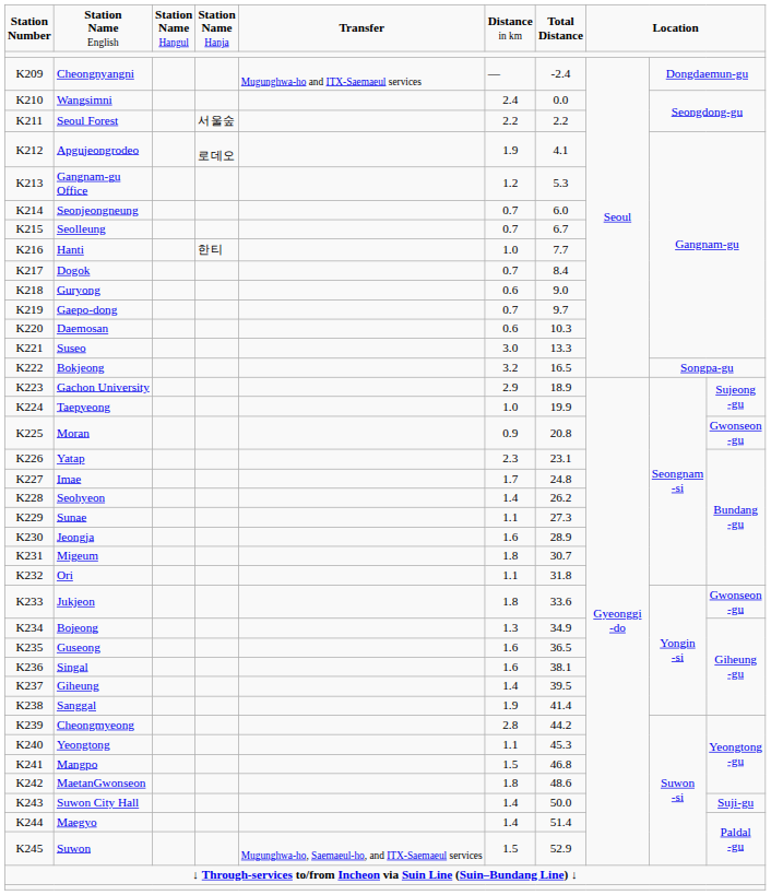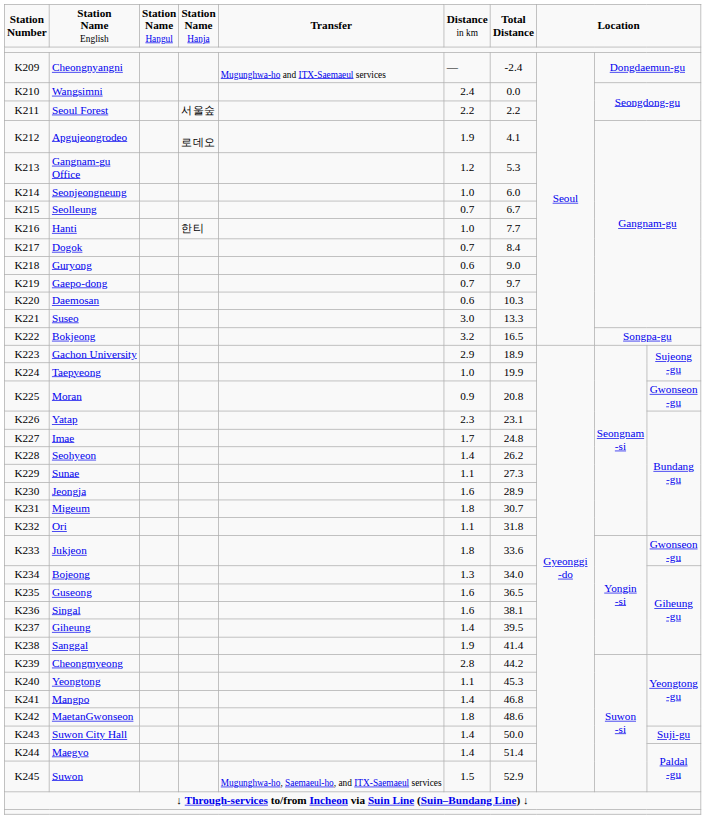 <table class="wikitable">
 <tr>
 <td align=center><strong>Station<br>Number</strong></td>
 <td align=center><strong>Station <br>Name</strong><br><small>English</small></td>
 <td align=center><strong>Station <br>Name</strong><br><small><a href='#'>Hangul</a></small></td>
 <td align=center><strong>Station <br>Name</strong><br><small><a href='#'>Hanja</a></small></td>
 <td align=center><strong>Transfer</strong></td>
 <td align=center><strong>Distance</strong><br><small>in km</small></td>
 <td align=center><strong>Total<br>Distance</strong></td>
 <td colspan = "3" align=center><strong>Location</strong></td>
 </tr>
 <tr style="background:#">
 <td colspan = "10"></td>
 </tr>
 <tr>
 <td align=center>K209</td>
 <td><a href='#'>Cheongnyangni</a></td>
 <td></td>
 <td></td>
 <td>  <br> <small><a href='#'>Mugunghwa-ho</a> and <a href='#'>ITX-Saemaeul</a> services</small><br></td>
 <td>—</td>
 <td align=center>-2.4</td>
 <td rowspan = 14 width = "75pt" align=center><a href='#'>Seoul</a></td>
 <td colspan=2 style="text-align:center;"><a href='#'>Dongdaemun-gu</a></td>
 </tr>
 <tr>
 <td align=center>K210</td>
 <td><a href='#'>Wangsimni</a></td>
 <td></td>
 <td></td>
 <td>  </td>
 <td align=center>2.4</td>
 <td align=center>0.0</td>
 <td rowspan = "2" colspan="2" align=center><a href='#'>Seongdong-gu</a></td>
 </tr>
 <tr>
 <td align=center>K211</td>
 <td><a href='#'>Seoul Forest</a></td>
 <td></td>
 <td>서울숲</td>
 <td></td>
 <td align=center>2.2</td>
 <td align=center>2.2</td>
 </tr>
 <tr>
 <td align=center>K212</td>
 <td><a href='#'>Apgujeongrodeo</a></td>
 <td></td>
 <td><br>로데오</td>
 <td></td>
 <td align=center>1.9</td>
 <td align=center>4.1</td>
 <td rowspan = "10" colspan="2" align=center><a href='#'>Gangnam-gu</a></td>
 </tr>
 <tr>
 <td align=center>K213</td>
 <td><a href='#'>Gangnam-gu<br> Office</a></td>
 <td></td>
 <td></td>
 <td></td>
 <td align=center>1.2</td>
 <td align=center>5.3</td>
 </tr>
 <tr>
 <td align=center>K214</td>
 <td><a href='#'>Seonjeongneung</a></td>
 <td></td>
 <td></td>
 <td></td>
-<td align=center>0.7</td>
+<td align=center>1.0</td>
 <td align=center>6.0</td>
 </tr>
 <tr>
 <td align=center>K215</td>
 <td><a href='#'>Seolleung</a></td>
 <td></td>
 <td></td>
 <td></td>
 <td align=center>0.7</td>
 <td align=center>6.7</td>
 </tr>
 <tr>
 <td align=center>K216</td>
 <td><a href='#'>Hanti</a></td>
 <td></td>
 <td>한티</td>
 <td></td>
 <td align=center>1.0</td>
 <td align=center>7.7</td>
 </tr>
 <tr>
 <td align=center>K217</td>
 <td><a href='#'>Dogok</a></td>
 <td></td>
 <td></td>
 <td></td>
 <td align=center>0.7</td>
 <td align=center>8.4</td>
 </tr>
 <tr>
 <td align=center>K218</td>
 <td><a href='#'>Guryong</a></td>
 <td></td>
 <td></td>
 <td></td>
 <td align=center>0.6</td>
 <td align=center>9.0</td>
 </tr>
 <tr>
 <td align=center>K219</td>
 <td><a href='#'>Gaepo-dong</a></td>
 <td></td>
 <td></td>
 <td></td>
 <td align=center>0.7</td>
 <td align=center>9.7</td>
 </tr>
 <tr>
 <td align=center>K220</td>
 <td><a href='#'>Daemosan</a></td>
 <td></td>
 <td></td>
 <td></td>
 <td align=center>0.6</td>
 <td align=center>10.3</td>
 </tr>
 <tr>
 <td align=center>K221</td>
 <td><a href='#'>Suseo</a></td>
 <td></td>
 <td></td>
 <td><br></td>
 <td align=center>3.0</td>
 <td align=center>13.3</td>
 </tr>
 <tr>
 <td align=center>K222</td>
 <td><a href='#'>Bokjeong</a></td>
 <td></td>
 <td></td>
 <td></td>
 <td align=center>3.2</td>
 <td align=center>16.5</td>
 <td colspan="2" style="text-align:center;"><a href='#'>Songpa-gu</a></td>
 </tr>
 <tr>
 <td align=center>K223</td>
 <td><a href='#'>Gachon University</a></td>
 <td></td>
 <td></td>
 <td></td>
 <td align=center>2.9</td>
 <td align=center>18.9</td>
 <td rowspan = "23" align=center><a href='#'>Gyeonggi<br>-do</a></td>
 <td rowspan = "10" align=center><a href='#'>Seongnam<br>-si</a></td>
 <td rowspan = "2" align=center><a href='#'>Sujeong<br>-gu</a></td>
 </tr>
 <tr>
 <td align=center>K224</td>
 <td><a href='#'>Taepyeong</a></td>
 <td></td>
 <td></td>
 <td></td>
 <td align=center>1.0</td>
 <td align=center>19.9</td>
 </tr>
 <tr>
 <td align=center>K225</td>
 <td><a href='#'>Moran</a></td>
 <td></td>
 <td></td>
 <td></td>
 <td align=center>0.9</td>
 <td align=center>20.8</td>
 <td align=center><a href='#'>Gwonseon<br>-gu</a></td>
 </tr>
 <tr>
 <td align=center>K226</td>
 <td><a href='#'>Yatap</a></td>
 <td></td>
 <td></td>
 <td></td>
 <td align=center>2.3</td>
 <td align=center>23.1</td>
 <td rowspan = "7" align=center><a href='#'>Bundang<br>-gu</a></td>
 </tr>
 <tr>
 <td align=center>K227</td>
 <td><a href='#'>Imae</a></td>
 <td></td>
 <td></td>
 <td></td>
 <td align=center>1.7</td>
 <td align=center>24.8</td>
 </tr>
 <tr>
 <td align=center>K228</td>
 <td><a href='#'>Seohyeon</a></td>
 <td></td>
 <td></td>
 <td></td>
 <td align=center>1.4</td>
 <td align=center>26.2</td>
 </tr>
 <tr>
 <td align=center>K229</td>
 <td><a href='#'>Sunae</a></td>
 <td></td>
 <td></td>
 <td></td>
 <td align=center>1.1</td>
 <td align=center>27.3</td>
 </tr>
 <tr>
 <td align=center>K230</td>
 <td><a href='#'>Jeongja</a></td>
 <td></td>
 <td></td>
 <td></td>
 <td align=center>1.6</td>
 <td align=center>28.9</td>
 </tr>
 <tr>
 <td align=center>K231</td>
 <td><a href='#'>Migeum</a></td>
 <td></td>
 <td></td>
 <td></td>
 <td align=center>1.8</td>
 <td align=center>30.7</td>
 </tr>
 <tr>
 <td align=center>K232</td>
 <td><a href='#'>Ori</a></td>
 <td></td>
 <td></td>
 <td></td>
 <td align=center>1.1</td>
 <td align=center>31.8</td>
 </tr>
 <tr>
 <td align=center>K233</td>
 <td><a href='#'>Jukjeon</a></td>
 <td></td>
 <td></td>
 <td></td>
 <td align=center>1.8</td>
 <td align=center>33.6</td>
 <td rowspan = "6" align=center><a href='#'>Yongin<br>-si</a></td>
 <td align=center><a href='#'>Gwonseon<br>-gu</a></td>
 </tr>
 <tr>
 <td align=center>K234</td>
 <td><a href='#'>Bojeong</a></td>
 <td></td>
 <td></td>
 <td></td>
 <td align=center>1.3</td>
-<td align=center>34.9</td>
+<td align=center>34.0</td>
 <td rowspan = "5" align=center><a href='#'>Giheung<br>-gu</a></td>
 </tr>
 <tr>
 <td align=center>K235</td>
 <td><a href='#'>Guseong</a></td>
 <td></td>
 <td></td>
 <td></td>
 <td align=center>1.6</td>
 <td align=center>36.5</td>
 </tr>
 <tr>
 <td align=center>K236</td>
 <td><a href='#'>Singal</a></td>
 <td></td>
 <td></td>
 <td></td>
 <td align=center>1.6</td>
 <td align=center>38.1</td>
 </tr>
 <tr>
 <td align=center>K237</td>
 <td><a href='#'>Giheung</a></td>
 <td></td>
 <td></td>
 <td></td>
 <td align=center>1.4</td>
 <td align=center>39.5</td>
 </tr>
 <tr>
 <td align=center>K238</td>
 <td><a href='#'>Sanggal</a></td>
 <td></td>
 <td></td>
 <td></td>
 <td align=center>1.9</td>
 <td align=center>41.4</td>
 </tr>
 <tr>
 <td align=center>K239</td>
 <td><a href='#'>Cheongmyeong</a></td>
 <td></td>
 <td></td>
 <td></td>
 <td align=center>2.8</td>
 <td align=center>44.2</td>
 <td rowspan = "7" align=center><a href='#'>Suwon<br>-si</a></td>
 <td rowspan = "4" align=center><a href='#'>Yeongtong<br>-gu</a></td>
 </tr>
 <tr>
 <td align=center>K240</td>
 <td><a href='#'>Yeongtong</a></td>
 <td></td>
 <td></td>
 <td></td>
 <td align=center>1.1</td>
 <td align=center>45.3</td>
 </tr>
 <tr>
 <td align=center>K241</td>
 <td><a href='#'>Mangpo</a></td>
 <td></td>
 <td></td>
 <td></td>
-<td align=center>1.5</td>
+<td align=center>1.4</td>
 <td align=center>46.8</td>
 </tr>
 <tr>
 <td align=center>K242</td>
 <td><a href='#'>MaetanGwonseon</a></td>
 <td></td>
 <td></td>
 <td></td>
 <td align=center>1.8</td>
 <td align=center>48.6</td>
 </tr>
 <tr>
 <td align=center>K243</td>
 <td><a href='#'>Suwon City Hall</a></td>
 <td></td>
 <td></td>
 <td></td>
 <td align=center>1.4</td>
 <td align=center>50.0</td>
 <td align=center><a href='#'>Suji-gu</a></td>
 </tr>
 <tr>
 <td align=center>K244</td>
 <td><a href='#'>Maegyo</a></td>
 <td></td>
 <td></td>
 <td></td>
 <td align=center>1.4</td>
 <td align=center>51.4</td>
 <td rowspan = "2" align=center><a href='#'>Paldal<br>-gu</a></td>
 </tr>
 <tr>
 <td align=center>K245</td>
 <td><a href='#'>Suwon</a></td>
 <td></td>
 <td></td>
 <td><br> <small><a href='#'>Mugunghwa-ho</a>, <a href='#'>Saemaeul-ho</a>, and <a href='#'>ITX-Saemaeul</a> services</small><br></td>
 <td align=center>1.5</td>
 <td align=center>52.9</td>
 </tr>
 <tr>
 <td colspan="10" align=center>↓ <strong><a href='#'>Through-services</a> to/from <a href='#'>Incheon</a> via <a href='#'>Suin Line</a> (<a href='#'>Suin–Bundang Line</a>) ↓</strong></td>
 </tr>
 <tr style="background:#">
 <td colspan = "10"></td>
 </tr>
 </table>
